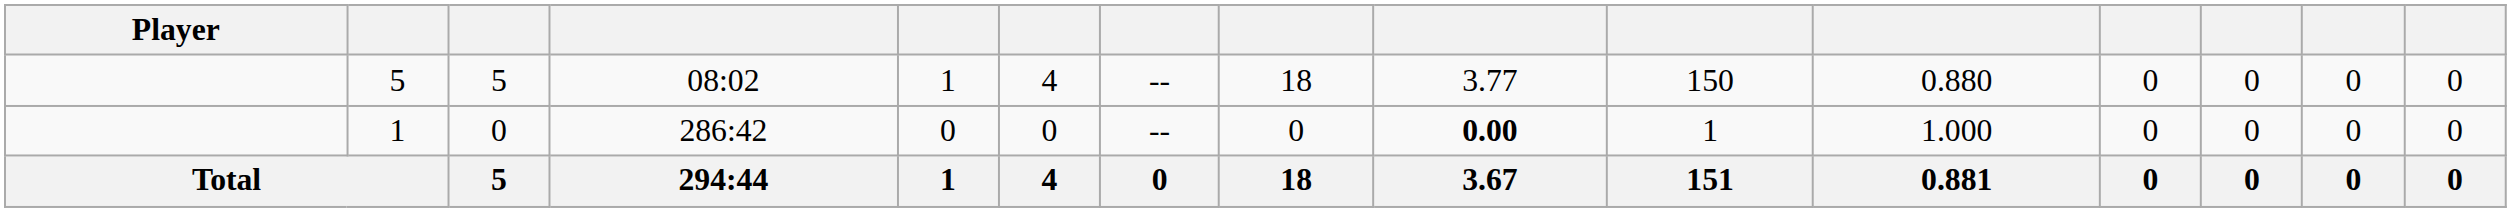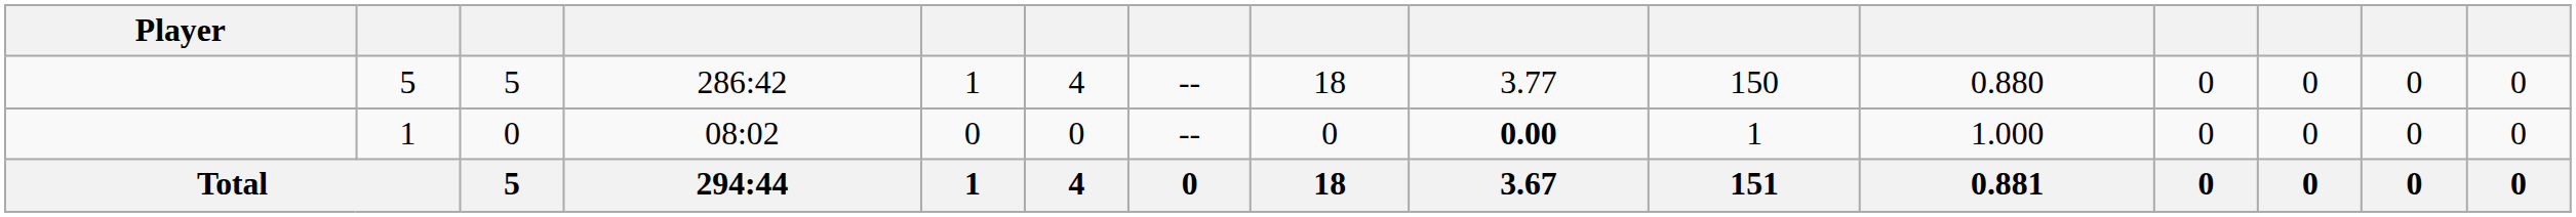 <table class="wikitable sortable" style="width:100%; text-align:center;">
 <tr>
 <th>Player</th>
 <th></th>
 <th></th>
 <th></th>
 <th></th>
 <th></th>
 <th></th>
 <th></th>
 <th></th>
 <th></th>
 <th></th>
 <th></th>
 <th></th>
 <th></th>
 <th></th>
 </tr>
 <tr>
 <td></td>
 <td>5</td>
 <td>5</td>
-<td>08:02</td>
+<td>286:42</td>
 <td>1</td>
 <td>4</td>
 <td>--</td>
 <td>18</td>
 <td>3.77</td>
 <td>150</td>
 <td>0.880</td>
 <td>0</td>
 <td>0</td>
 <td>0</td>
 <td>0</td>
 </tr>
 <tr>
 <td></td>
 <td>1</td>
 <td>0</td>
-<td>286:42</td>
+<td>08:02</td>
 <td>0</td>
 <td>0</td>
 <td>--</td>
 <td>0</td>
 <td><strong>0.00</strong></td>
 <td>1</td>
 <td>1.000</td>
 <td>0</td>
 <td>0</td>
 <td>0</td>
 <td>0</td>
 </tr>
 <tr class="sortbottom">
 <th colspan=2>Total</th>
 <th>5</th>
 <th>294:44</th>
 <th>1</th>
 <th>4</th>
 <th>0</th>
 <th>18</th>
 <th>3.67</th>
 <th>151</th>
 <th>0.881</th>
 <th>0</th>
 <th>0</th>
 <th>0</th>
 <th>0</th>
 </tr>
 </table>
